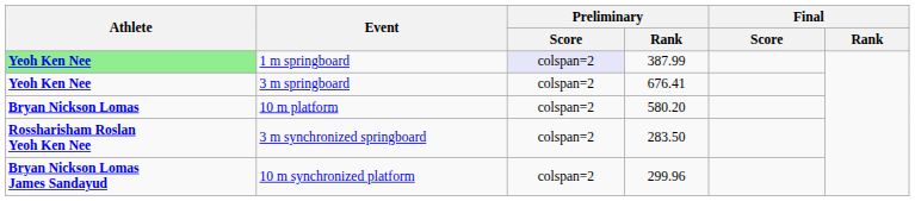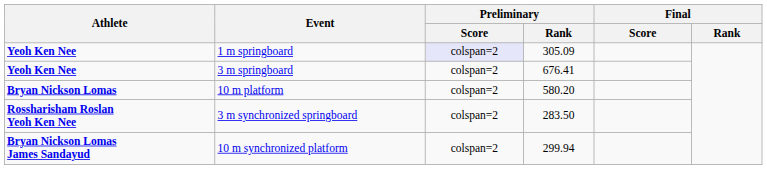 <table class="wikitable" width="75%" style="text-align:center; font-size:90%;">
 <tr>
 <th rowspan="2" width="15%">Athlete</th>
 <th rowspan="2" width="15%">Event</th>
 <th colspan="2" width="12%">Preliminary</th>
 <th colspan="2" width="12%">Final</th>
 </tr>
 <tr>
 <th width="7%">Score</th>
 <th>Rank</th>
 <th width="7%">Score</th>
 <th>Rank</th>
 </tr>
 <tr>
-<td align=left style="background: lightgreen;"><strong><a href='#'>Yeoh Ken Nee</a></strong></td>
+<td align=left><strong><a href='#'>Yeoh Ken Nee</a></strong></td>
 <td align=left><a href='#'>1 m springboard</a></td>
 <td style="background: lavender;">colspan=2 </td>
-<td>387.99</td>
+<td>305.09</td>
 <td></td>
 </tr>
 <tr>
 <td align=left><strong><a href='#'>Yeoh Ken Nee</a></strong></td>
 <td align=left><a href='#'>3 m springboard</a></td>
 <td>colspan=2 </td>
 <td>676.41</td>
 <td></td>
 </tr>
 <tr>
 <td align=left><strong><a href='#'>Bryan Nickson Lomas</a></strong></td>
 <td align=left><a href='#'>10 m platform</a></td>
 <td>colspan=2 </td>
 <td>580.20</td>
 <td></td>
 </tr>
 <tr>
 <td align=left><strong><a href='#'>Rossharisham Roslan</a><br><a href='#'>Yeoh Ken Nee</a></strong></td>
 <td align=left><a href='#'>3 m synchronized springboard</a></td>
 <td>colspan=2 </td>
 <td>283.50</td>
 <td></td>
 </tr>
 <tr>
 <td align=left><strong><a href='#'>Bryan Nickson Lomas</a><br><a href='#'>James Sandayud</a></strong></td>
 <td align=left><a href='#'>10 m synchronized platform</a></td>
 <td>colspan=2 </td>
-<td>299.96</td>
+<td>299.94</td>
 <td></td>
 </tr>
 </table>
